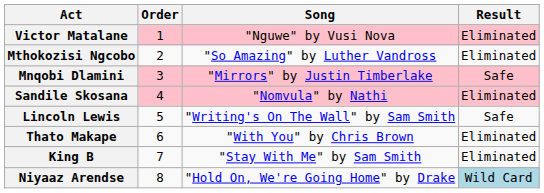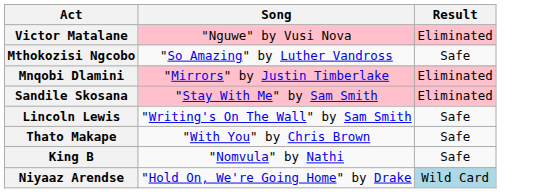 <table class="wikitable plainrowheaders" style="text-align:center;">
 <tr>
 <th scope="col">Act</th>
-<th scope="col">Order</th>
 <th scope="col">Song</th>
 <th scope="col">Result</th>
 </tr>
 <tr style="background: pink">
 <th scope=row>Victor Matalane</th>
-<td>1</td>
 <td>"Nguwe" by Vusi Nova</td>
 <td>Eliminated</td>
 </tr>
 <tr>
 <th scope=row>Mthokozisi Ngcobo</th>
-<td>2</td>
 <td>"<a href='#'>So Amazing</a>" by <a href='#'>Luther Vandross</a></td>
+<td>Safe</td>
+</tr>
+<tr style="background: pink">
+<th scope=row>Mnqobi Dlamini</th>
+<td>"<a href='#'>Mirrors</a>" by <a href='#'>Justin Timberlake</a></td>
 <td>Eliminated</td>
 </tr>
 <tr style="background: pink">
-<th scope=row>Mnqobi Dlamini</th>
-<td>3</td>
-<td>"<a href='#'>Mirrors</a>" by <a href='#'>Justin Timberlake</a></td>
-<td>Safe</td>
-</tr>
-<tr style="background: pink">
 <th scope=row>Sandile Skosana</th>
-<td>4</td>
-<td>"<a href='#'>Nomvula</a>" by <a href='#'>Nathi</a></td>
+<td>"<a href='#'>Stay With Me</a>" by <a href='#'>Sam Smith</a></td>
 <td>Eliminated</td>
 </tr>
 <tr>
 <th scope=row>Lincoln Lewis</th>
-<td>5</td>
 <td>"<a href='#'>Writing's On The Wall</a>" by <a href='#'>Sam Smith</a></td>
 <td>Safe</td>
 </tr>
 <tr>
 <th scope=row>Thato Makape</th>
-<td>6</td>
 <td>"<a href='#'>With You</a>" by <a href='#'>Chris Brown</a></td>
-<td>Eliminated</td>
+<td>Safe</td>
 </tr>
 <tr>
 <th scope=row>King B</th>
-<td>7</td>
-<td>"<a href='#'>Stay With Me</a>" by <a href='#'>Sam Smith</a></td>
-<td>Eliminated</td>
+<td>"<a href='#'>Nomvula</a>" by <a href='#'>Nathi</a></td>
+<td>Safe</td>
 </tr>
 <tr>
 <th scope=row>Niyaaz Arendse</th>
-<td>8</td>
 <td>"<a href='#'>Hold On, We're Going Home</a>" by <a href='#'>Drake</a></td>
 <td style="background: #add8e6">Wild Card</td>
 </tr>
 </table>
